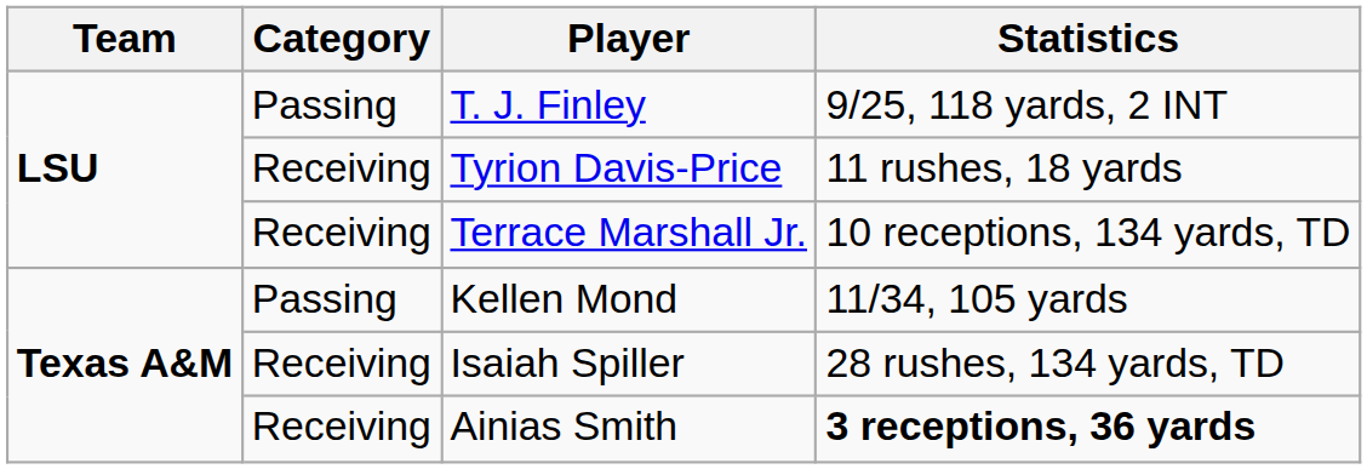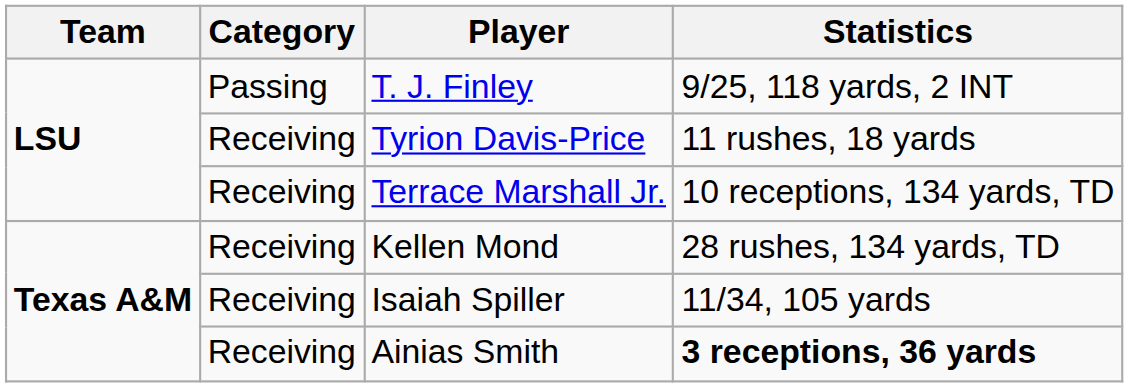 <table class="wikitable" style="float: right;">
 <tr>
 <th>Team</th>
 <th>Category</th>
 <th>Player</th>
 <th>Statistics</th>
 </tr>
 <tr>
 <td rowspan=3><strong>LSU</strong></td>
 <td>Passing</td>
 <td><a href='#'>T. J. Finley</a></td>
 <td>9/25, 118 yards, 2 INT</td>
 </tr>
 <tr>
 <td>Receiving</td>
 <td><a href='#'>Tyrion Davis-Price</a></td>
 <td>11 rushes, 18 yards</td>
 </tr>
 <tr>
 <td>Receiving</td>
 <td><a href='#'>Terrace Marshall Jr.</a></td>
 <td>10 receptions, 134 yards, TD</td>
 </tr>
 <tr>
 <td rowspan=3><strong>Texas A&M</strong></td>
-<td>Passing</td>
+<td>Receiving</td>
 <td>Kellen Mond</td>
-<td>11/34, 105 yards</td>
+<td>28 rushes, 134 yards, TD</td>
 </tr>
 <tr>
 <td>Receiving</td>
 <td>Isaiah Spiller</td>
-<td>28 rushes, 134 yards, TD</td>
+<td>11/34, 105 yards</td>
 </tr>
 <tr>
 <td>Receiving</td>
 <td>Ainias Smith</td>
 <td><strong>3 receptions, 36 yards</strong></td>
 </tr>
 </table>
